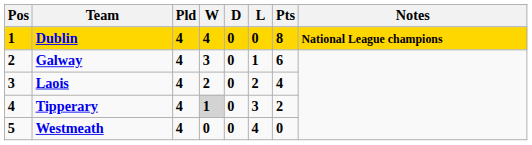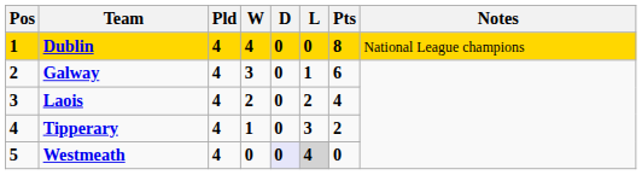 <table class="wikitable" style="text-align: centre;">
 <tr>
 <th width=20>Pos</th>
 <th width=150>Team</th>
 <th width=20>Pld</th>
 <th width=20>W</th>
 <th width=20>D</th>
 <th width=20>L</th>
 <th width=20>Pts</th>
 <th width=250>Notes</th>
 </tr>
 <tr style="background:gold;">
 <td><strong>1</strong></td>
 <td align=left><strong> <a href='#'>Dublin</a> </strong></td>
 <td><strong>4</strong></td>
 <td><strong>4</strong></td>
 <td><strong>0</strong></td>
 <td><strong>0</strong></td>
 <td><strong>8</strong></td>
-<td><strong><small> National League champions</small></strong></td>
+<td><small> National League champions</small></td>
 </tr>
 <tr>
 <td><strong>2</strong></td>
 <td align=left><strong> <a href='#'>Galway</a> </strong></td>
 <td><strong>4</strong></td>
 <td><strong>3</strong></td>
 <td><strong>0</strong></td>
 <td><strong>1</strong></td>
 <td><strong>6</strong></td>
 </tr>
 <tr>
 <td><strong>3</strong></td>
 <td align=left><strong> <a href='#'>Laois</a> </strong></td>
 <td><strong>4</strong></td>
 <td><strong>2</strong></td>
 <td><strong>0</strong></td>
 <td><strong>2</strong></td>
 <td><strong>4</strong></td>
 </tr>
 <tr>
 <td><strong>4</strong></td>
 <td align=left><strong> <a href='#'>Tipperary</a> </strong></td>
 <td><strong>4</strong></td>
-<td style="background: lightgrey;"><strong>1</strong></td>
+<td><strong>1</strong></td>
 <td><strong>0</strong></td>
 <td><strong>3</strong></td>
 <td><strong>2</strong></td>
 </tr>
 <tr>
 <td><strong>5</strong></td>
 <td align=left><strong> <a href='#'>Westmeath</a> </strong></td>
 <td><strong>4</strong></td>
 <td><strong>0</strong></td>
-<td><strong>0</strong></td>
-<td><strong>4</strong></td>
+<td style="background: lavender;"><strong>0</strong></td>
+<td style="background: lightgrey;"><strong>4</strong></td>
 <td><strong>0</strong></td>
 </tr>
 </table>
